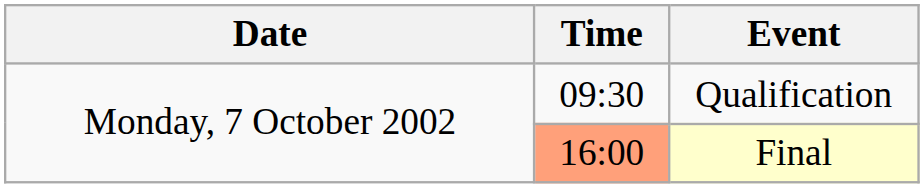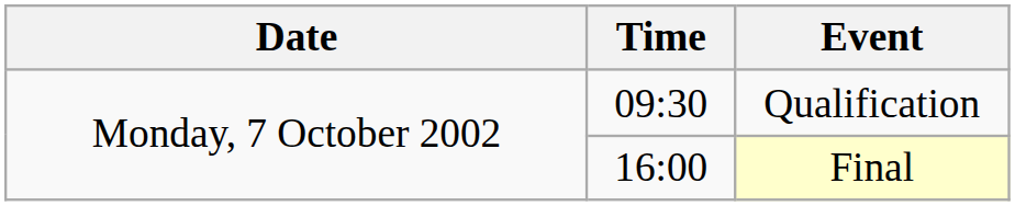 <table class = "wikitable" style="text-align:center;">
 <tr>
 <th width=220>Date</th>
 <th width=50>Time</th>
 <th width=100>Event</th>
 </tr>
 <tr>
 <td rowspan=2>Monday, 7 October 2002</td>
 <td>09:30</td>
 <td>Qualification</td>
 </tr>
 <tr>
-<td style="background: lightsalmon;">16:00</td>
+<td>16:00</td>
 <td bgcolor=ffffcc>Final</td>
 </tr>
 </table>
